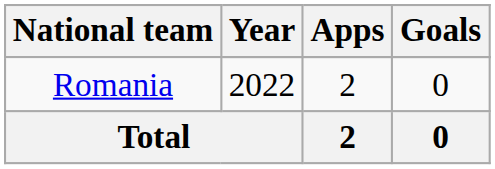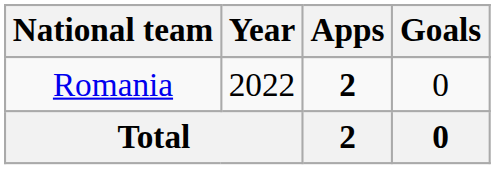 <table class="wikitable" style="text-align: center;">
 <tr>
 <th>National team</th>
 <th>Year</th>
 <th>Apps</th>
 <th>Goals</th>
 </tr>
 <tr>
 <td rowspan="2"><a href='#'>Romania</a></td>
 </tr>
 <tr>
 <td>2022</td>
-<td>2</td>
+<td><strong>2</strong></td>
 <td>0</td>
 </tr>
 <tr>
 <th colspan=2>Total</th>
 <th>2</th>
 <th>0</th>
 </tr>
 </table>
